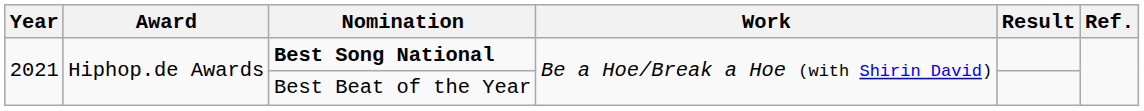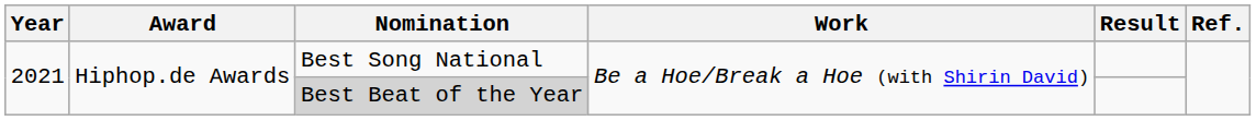 <table class="wikitable">
 <tr>
 <th>Year</th>
 <th>Award</th>
 <th>Nomination</th>
 <th>Work</th>
 <th>Result</th>
 <th>Ref.</th>
 </tr>
 <tr>
 <td rowspan="2">2021</td>
 <td rowspan="2">Hiphop.de Awards</td>
-<td><strong>Best Song National</strong></td>
+<td>Best Song National</td>
 <td rowspan="2"><em>Be a Hoe/Break a Hoe</em> <small>(with <a href='#'>Shirin David</a>)</small></td>
 <td></td>
 <td rowspan="2"></td>
 </tr>
 <tr>
-<td>Best Beat of the Year</td>
+<td style="background: lightgrey;">Best Beat of the Year</td>
 <td></td>
 </tr>
 </table>
